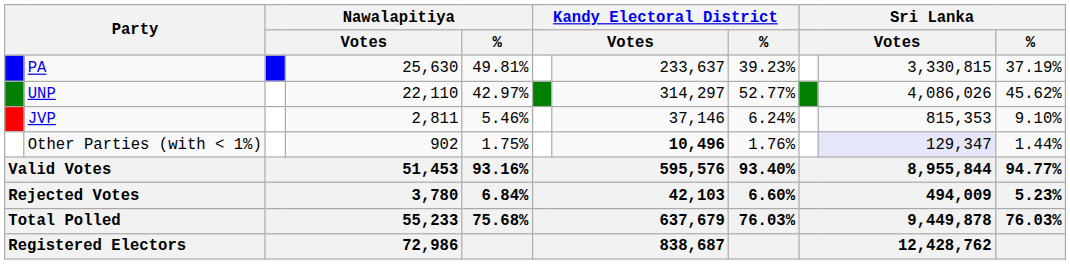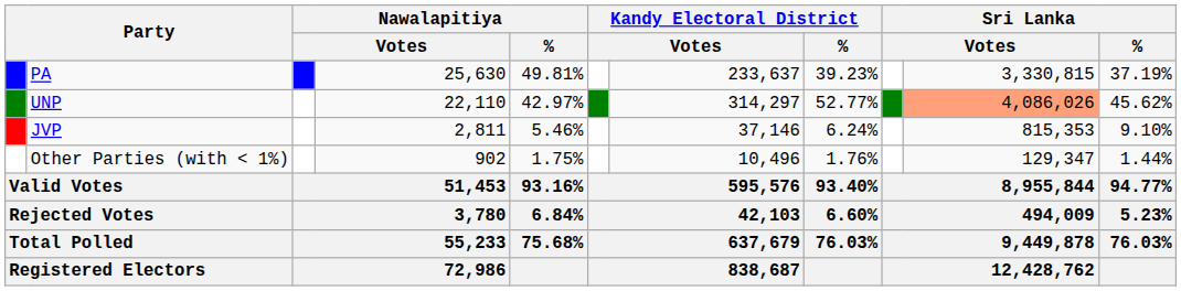 <table class="wikitable">
 <tr>
 <th colspan="2" width="144px"rowspan="2">Party</th>
 <th colspan="3" width="216px">Nawalapitiya</th>
 <th colspan="3" width="216px"><a href='#'>Kandy Electoral District</a></th>
 <th colspan="3" width="216px">Sri Lanka</th>
 </tr>
 <tr>
 <th colspan="2" width="144px">Votes</th>
 <th>%</th>
 <th colspan="2" width="144px">Votes</th>
 <th>%</th>
 <th colspan="2" width="144px">Votes</th>
 <th>%</th>
 </tr>
 <tr>
 <td style="background-color:blue;" width="10px"></td>
 <td style="text-align:left;"><a href='#'>PA</a></td>
 <td style="background-color:blue;" width="10px"></td>
 <td style="text-align:right;">25,630</td>
 <td style="text-align:right;">49.81%</td>
 <td style="background-color:white;" width="10px"></td>
 <td style="text-align:right;">233,637</td>
 <td style="text-align:right;">39.23%</td>
 <td style="background-color:white;" width="10px"></td>
 <td style="text-align:right;">3,330,815</td>
 <td style="text-align:right;">37.19%</td>
 </tr>
 <tr>
 <td style="background-color:green;" width="10px"></td>
 <td style="text-align:left;"><a href='#'>UNP</a></td>
 <td style="background-color:white;" width="10px"></td>
 <td style="text-align:right;">22,110</td>
 <td style="text-align:right;">42.97%</td>
 <td style="background-color:green;" width="10px"></td>
 <td style="text-align:right;">314,297</td>
 <td style="text-align:right;">52.77%</td>
 <td style="background-color:green;" width="10px"></td>
-<td style="text-align:right;">4,086,026</td>
+<td style="background: lightsalmon; text-align:right;">4,086,026</td>
 <td style="text-align:right;">45.62%</td>
 </tr>
 <tr>
 <td style="background-color:red;" width="10px"></td>
 <td style="text-align:left;"><a href='#'>JVP</a></td>
 <td style="background-color:white;" width="10px"></td>
 <td style="text-align:right;">2,811</td>
 <td style="text-align:right;">5.46%</td>
 <td style="background-color:white;" width="10px"></td>
 <td style="text-align:right;">37,146</td>
 <td style="text-align:right;">6.24%</td>
 <td style="background-color:white;" width="10px"></td>
 <td style="text-align:right;">815,353</td>
 <td style="text-align:right;">9.10%</td>
 </tr>
 <tr>
 <td style="background-color:white;" width="10px"></td>
 <td style="text-align:left;">Other Parties (with < 1%)</td>
 <td style="background-color:white;" width="10px"></td>
 <td style="text-align:right;">902</td>
 <td style="text-align:right;">1.75%</td>
 <td style="background-color:white;" width="10px"></td>
-<td style="text-align:right;"><strong>10,496</strong></td>
+<td style="text-align:right;">10,496</td>
 <td style="text-align:right;">1.76%</td>
 <td style="background-color:white;" width="10px"></td>
-<td style="background: lavender; text-align:right;">129,347</td>
+<td style="text-align:right;">129,347</td>
 <td style="text-align:right;">1.44%</td>
 </tr>
 <tr>
 <th colspan="2" width="144px"style="text-align:left;">Valid Votes</th>
 <th style="text-align:right;"colspan="2" width="144px">51,453</th>
 <th style="text-align:right;">93.16%</th>
 <th style="text-align:right;"colspan="2" width="144px">595,576</th>
 <th style="text-align:right;">93.40%</th>
 <th style="text-align:right;"colspan="2" width="144px">8,955,844</th>
 <th style="text-align:right;">94.77%</th>
 </tr>
 <tr>
 <th colspan="2" width="144px"style="text-align:left;">Rejected Votes</th>
 <th style="text-align:right;"colspan="2" width="144px">3,780</th>
 <th style="text-align:right;">6.84%</th>
 <th style="text-align:right;"colspan="2" width="144px">42,103</th>
 <th style="text-align:right;">6.60%</th>
 <th style="text-align:right;"colspan="2" width="144px">494,009</th>
 <th style="text-align:right;">5.23%</th>
 </tr>
 <tr>
 <th colspan="2" width="144px"style="text-align:left;">Total Polled</th>
 <th style="text-align:right;"colspan="2" width="144px">55,233</th>
 <th style="text-align:right;">75.68%</th>
 <th style="text-align:right;"colspan="2" width="144px">637,679</th>
 <th style="text-align:right;">76.03%</th>
 <th style="text-align:right;"colspan="2" width="144px">9,449,878</th>
 <th style="text-align:right;">76.03%</th>
 </tr>
 <tr>
 <th colspan="2" width="144px"style="text-align:left;">Registered Electors</th>
 <th style="text-align:right;"colspan="2" width="144px">72,986</th>
 <th></th>
 <th style="text-align:right;"colspan="2" width="144px">838,687</th>
 <th></th>
 <th style="text-align:right;"colspan="2" width="144px">12,428,762</th>
 <th></th>
 </tr>
 </table>
